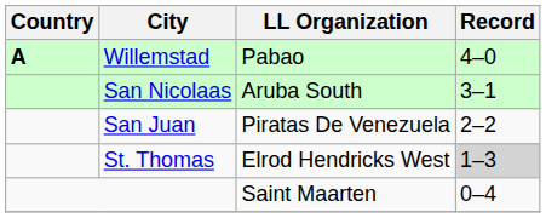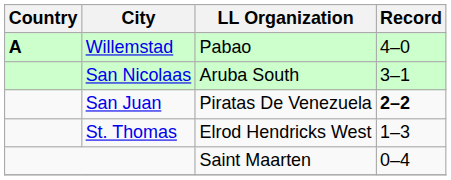 <table class="wikitable">
 <tr>
 <th>Country</th>
 <th>City</th>
 <th>LL Organization</th>
 <th>Record</th>
 </tr>
 <tr bgcolor="ccffcc">
 <td><strong> A</strong></td>
 <td><a href='#'>Willemstad</a></td>
 <td>Pabao</td>
 <td>4–0</td>
 </tr>
 <tr bgcolor="ccffcc">
 <td><strong></strong></td>
 <td><a href='#'>San Nicolaas</a></td>
 <td>Aruba South</td>
 <td>3–1</td>
 </tr>
 <tr>
 <td><strong></strong></td>
 <td><a href='#'>San Juan</a></td>
 <td>Piratas De Venezuela</td>
-<td>2–2</td>
+<td><strong>2–2</strong></td>
 </tr>
 <tr>
 <td><strong></strong></td>
 <td><a href='#'>St. Thomas</a></td>
 <td>Elrod Hendricks West</td>
-<td style="background: lightgrey;">1–3</td>
+<td>1–3</td>
 </tr>
 <tr>
 <td colspan="2"><strong></strong></td>
 <td>Saint Maarten</td>
 <td>0–4</td>
 </tr>
 <tr>
 </tr>
 </table>
